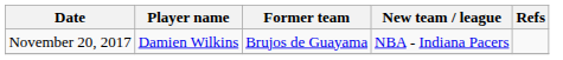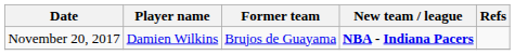 <table class="wikitable">
 <tr>
 <th>Date</th>
 <th>Player name</th>
 <th>Former team</th>
 <th>New team / league</th>
 <th>Refs</th>
 </tr>
 <tr>
 <td>November 20, 2017</td>
 <td> <a href='#'>Damien Wilkins</a></td>
 <td> <a href='#'>Brujos de Guayama</a></td>
-<td><a href='#'>NBA</a> - <a href='#'>Indiana Pacers</a></td>
+<td><strong><a href='#'>NBA</a> - <a href='#'>Indiana Pacers</a></strong></td>
 <td></td>
 </tr>
 <tr>
 </tr>
 </table>
